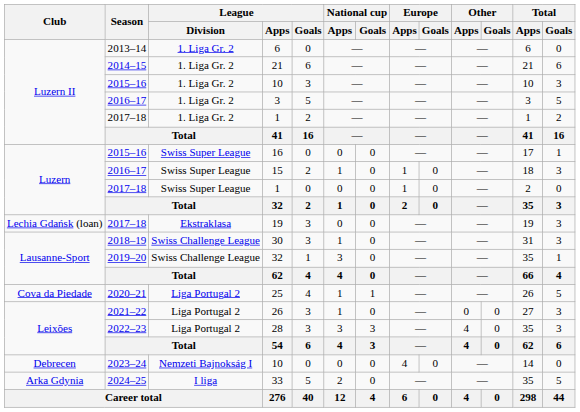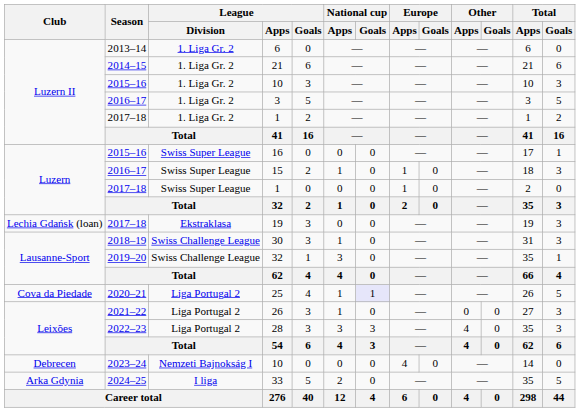 <table class="wikitable" style="text-align: center;">
 <tr>
 <th rowspan="2">Club</th>
 <th rowspan="2">Season</th>
 <th colspan="3">League</th>
 <th colspan="2">National cup</th>
 <th colspan="2">Europe</th>
 <th colspan="2">Other</th>
 <th colspan="2">Total</th>
 </tr>
 <tr>
 <th>Division</th>
 <th>Apps</th>
 <th>Goals</th>
 <th>Apps</th>
 <th>Goals</th>
 <th>Apps</th>
 <th>Goals</th>
 <th>Apps</th>
 <th>Goals</th>
 <th>Apps</th>
 <th>Goals</th>
 </tr>
 <tr>
 <td rowspan="6"><a href='#'>Luzern II</a></td>
 <td>2013–14</td>
 <td><a href='#'>1. Liga Gr. 2</a></td>
 <td>6</td>
 <td>0</td>
 <td colspan="2">—</td>
 <td colspan="2">—</td>
 <td colspan="2">—</td>
 <td>6</td>
 <td>0</td>
 </tr>
 <tr>
 <td><a href='#'>2014–15</a></td>
 <td>1. Liga Gr. 2</td>
 <td>21</td>
 <td>6</td>
 <td colspan="2">—</td>
 <td colspan="2">—</td>
 <td colspan="2">—</td>
 <td>21</td>
 <td>6</td>
 </tr>
 <tr>
 <td><a href='#'>2015–16</a></td>
 <td>1. Liga Gr. 2</td>
 <td>10</td>
 <td>3</td>
 <td colspan="2">—</td>
 <td colspan="2">—</td>
 <td colspan="2">—</td>
 <td>10</td>
 <td>3</td>
 </tr>
 <tr>
 <td><a href='#'>2016–17</a></td>
 <td>1. Liga Gr. 2</td>
 <td>3</td>
 <td>5</td>
 <td colspan="2">—</td>
 <td colspan="2">—</td>
 <td colspan="2">—</td>
 <td>3</td>
 <td>5</td>
 </tr>
 <tr>
 <td>2017–18</td>
 <td>1. Liga Gr. 2</td>
 <td>1</td>
 <td>2</td>
 <td colspan="2">—</td>
 <td colspan="2">—</td>
 <td colspan="2">—</td>
 <td>1</td>
 <td>2</td>
 </tr>
 <tr>
 <th colspan="2">Total</th>
 <th>41</th>
 <th>16</th>
 <th colspan="2">—</th>
 <th colspan="2">—</th>
 <th colspan="2">—</th>
 <th>41</th>
 <th>16</th>
 </tr>
 <tr>
 <td rowspan="4"><a href='#'>Luzern</a></td>
 <td><a href='#'>2015–16</a></td>
 <td><a href='#'>Swiss Super League</a></td>
 <td>16</td>
 <td>0</td>
 <td>0</td>
 <td>0</td>
 <td colspan="2">—</td>
 <td colspan="2">—</td>
 <td>17</td>
 <td>1</td>
 </tr>
 <tr>
 <td><a href='#'>2016–17</a></td>
 <td>Swiss Super League</td>
 <td>15</td>
 <td>2</td>
 <td>1</td>
 <td>0</td>
 <td>1</td>
 <td>0</td>
 <td colspan="2">—</td>
 <td>18</td>
 <td>3</td>
 </tr>
 <tr>
 <td><a href='#'>2017–18</a></td>
 <td>Swiss Super League</td>
 <td>1</td>
 <td>0</td>
 <td>0</td>
 <td>0</td>
 <td>1</td>
 <td>0</td>
 <td colspan="2">—</td>
 <td>2</td>
 <td>0</td>
 </tr>
 <tr>
 <th colspan="2">Total</th>
 <th>32</th>
 <th>2</th>
 <th>1</th>
 <th>0</th>
 <th>2</th>
 <th>0</th>
 <th colspan="2">—</th>
 <th>35</th>
 <th>3</th>
 </tr>
 <tr>
 <td><a href='#'>Lechia Gdańsk</a> (loan)</td>
 <td><a href='#'>2017–18</a></td>
 <td><a href='#'>Ekstraklasa</a></td>
 <td>19</td>
 <td>3</td>
 <td>0</td>
 <td>0</td>
 <td colspan="2">—</td>
 <td colspan="2">—</td>
 <td>19</td>
 <td>3</td>
 </tr>
 <tr>
 <td rowspan="3"><a href='#'>Lausanne-Sport</a></td>
 <td><a href='#'>2018–19</a></td>
 <td><a href='#'>Swiss Challenge League</a></td>
 <td>30</td>
 <td>3</td>
 <td>1</td>
 <td>0</td>
 <td colspan="2">—</td>
 <td colspan="2">—</td>
 <td>31</td>
 <td>3</td>
 </tr>
 <tr>
 <td><a href='#'>2019–20</a></td>
 <td>Swiss Challenge League</td>
 <td>32</td>
 <td>1</td>
 <td>3</td>
 <td>0</td>
 <td colspan="2">—</td>
 <td colspan="2">—</td>
 <td>35</td>
 <td>1</td>
 </tr>
 <tr>
 <th colspan="2">Total</th>
 <th>62</th>
 <th>4</th>
 <th>4</th>
 <th>0</th>
 <th colspan="2">—</th>
 <th colspan="2">—</th>
 <th>66</th>
 <th>4</th>
 </tr>
 <tr>
 <td><a href='#'>Cova da Piedade</a></td>
 <td><a href='#'>2020–21</a></td>
 <td><a href='#'>Liga Portugal 2</a></td>
 <td>25</td>
 <td>4</td>
 <td>1</td>
-<td>1</td>
+<td style="background: lavender;">1</td>
 <td colspan="2">—</td>
 <td colspan="2">—</td>
 <td>26</td>
 <td>5</td>
 </tr>
 <tr>
 <td rowspan="3"><a href='#'>Leixões</a></td>
 <td><a href='#'>2021–22</a></td>
 <td>Liga Portugal 2</td>
 <td>26</td>
 <td>3</td>
 <td>1</td>
 <td>0</td>
 <td colspan="2">—</td>
 <td>0</td>
 <td>0</td>
 <td>27</td>
 <td>3</td>
 </tr>
 <tr>
 <td><a href='#'>2022–23</a></td>
 <td>Liga Portugal 2</td>
 <td>28</td>
 <td>3</td>
 <td>3</td>
 <td>3</td>
 <td colspan="2">—</td>
 <td>4</td>
 <td>0</td>
 <td>35</td>
 <td>3</td>
 </tr>
 <tr>
 <th colspan="2">Total</th>
 <th>54</th>
 <th>6</th>
 <th>4</th>
 <th>3</th>
 <th colspan="2">—</th>
 <th>4</th>
 <th>0</th>
 <th>62</th>
 <th>6</th>
 </tr>
 <tr>
 <td><a href='#'>Debrecen</a></td>
 <td><a href='#'>2023–24</a></td>
 <td><a href='#'>Nemzeti Bajnokság I</a></td>
 <td>10</td>
 <td>0</td>
 <td>0</td>
 <td>0</td>
 <td>4</td>
 <td>0</td>
 <td colspan="2">—</td>
 <td>14</td>
 <td>0</td>
 </tr>
 <tr>
 <td><a href='#'>Arka Gdynia</a></td>
 <td><a href='#'>2024–25</a></td>
 <td><a href='#'>I liga</a></td>
 <td>33</td>
 <td>5</td>
 <td>2</td>
 <td>0</td>
 <td colspan="2">—</td>
 <td colspan="2">—</td>
 <td>35</td>
 <td>5</td>
 </tr>
 <tr>
 <th colspan="3">Career total</th>
 <th>276</th>
 <th>40</th>
 <th>12</th>
 <th>4</th>
 <th>6</th>
 <th>0</th>
 <th>4</th>
 <th>0</th>
 <th>298</th>
 <th>44</th>
 </tr>
 </table>
